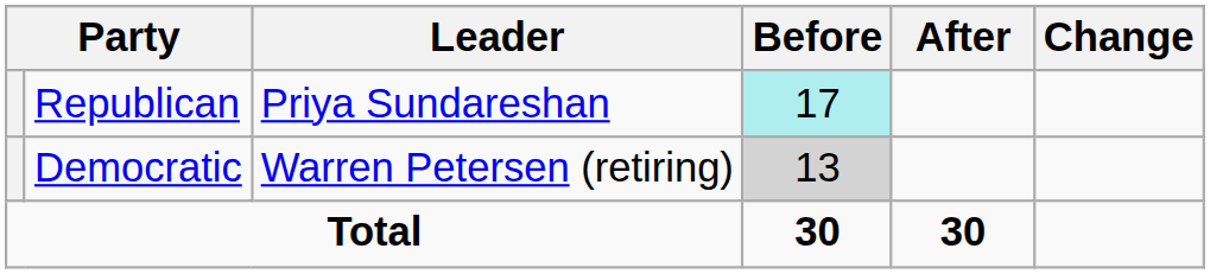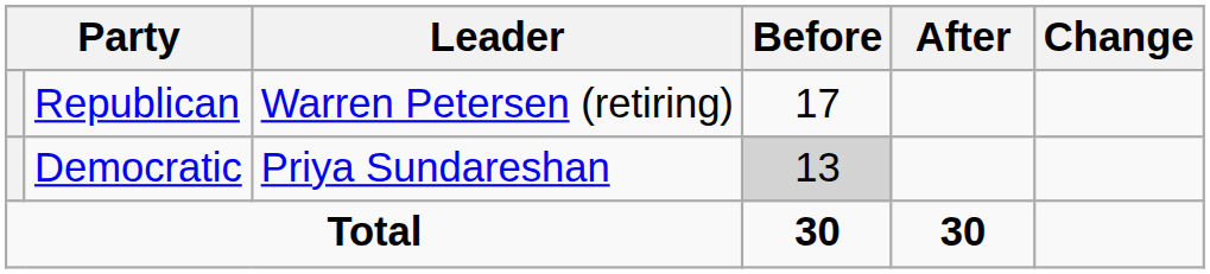 <table class="wikitable" style="text-align:center;">
 <tr>
 </tr>
 <tr>
 <th colspan=2>Party</th>
 <th>Leader</th>
 <th style="width:3em">Before</th>
 <th style="width:3em">After</th>
 <th style="width:3em">Change</th>
 </tr>
 <tr>
 <th style="background-color:"></th>
 <td style="text-align:left;"><a href='#'>Republican</a></td>
-<td style="text-align:left;"><a href='#'>Priya Sundareshan</a></td>
-<td style="background: paleturquoise;">17</td>
+<td style="text-align:left;"><a href='#'>Warren Petersen</a> (retiring)</td>
+<td>17</td>
 <td></td>
 <td></td>
 </tr>
 <tr>
 <th style="background-color:"></th>
 <td style="text-align:left;"><a href='#'>Democratic</a></td>
-<td style="text-align:left;"><a href='#'>Warren Petersen</a> (retiring)</td>
+<td style="text-align:left;"><a href='#'>Priya Sundareshan</a></td>
 <td style="background: lightgrey;">13</td>
 <td></td>
 <td></td>
 </tr>
 <tr>
 <td colspan=3><strong>Total</strong></td>
 <td><strong>30</strong></td>
 <td><strong>30</strong></td>
 <td></td>
 </tr>
 </table>
